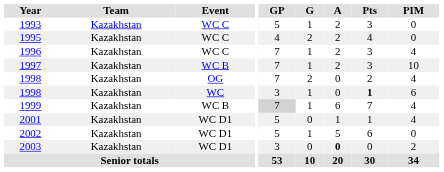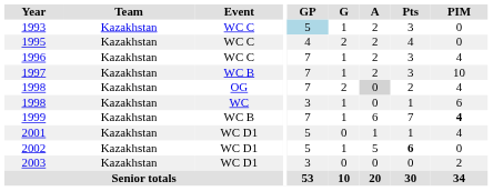 <table border="0" cellpadding="1" cellspacing="0" style="text-align:center; width:40em">
 <tr bgcolor="#e0e0e0">
 <th>Year</th>
 <th>Team</th>
 <th>Event</th>
 <th rowspan="99" bgcolor="#ffffff"></th>
 <th>GP</th>
 <th>G</th>
 <th>A</th>
 <th>Pts</th>
 <th>PIM</th>
 </tr>
 <tr>
 <td><a href='#'>1993</a></td>
 <td><a href='#'>Kazakhstan</a></td>
 <td><a href='#'>WC C</a></td>
-<td>5</td>
+<td style="background: lightblue;">5</td>
 <td>1</td>
 <td>2</td>
 <td>3</td>
 <td>0</td>
 </tr>
 <tr bgcolor="#f0f0f0">
 <td><a href='#'>1995</a></td>
 <td>Kazakhstan</td>
 <td>WC C</td>
 <td>4</td>
 <td>2</td>
 <td>2</td>
 <td>4</td>
 <td>0</td>
 </tr>
 <tr>
 <td><a href='#'>1996</a></td>
 <td>Kazakhstan</td>
 <td>WC C</td>
 <td>7</td>
 <td>1</td>
 <td>2</td>
 <td>3</td>
 <td>4</td>
 </tr>
 <tr bgcolor="#f0f0f0">
 <td><a href='#'>1997</a></td>
 <td>Kazakhstan</td>
 <td><a href='#'>WC B</a></td>
 <td>7</td>
 <td>1</td>
 <td>2</td>
 <td>3</td>
 <td>10</td>
 </tr>
 <tr>
 <td><a href='#'>1998</a></td>
 <td>Kazakhstan</td>
 <td><a href='#'>OG</a></td>
 <td>7</td>
 <td>2</td>
-<td>0</td>
+<td style="background: lightgrey;">0</td>
 <td>2</td>
 <td>4</td>
 </tr>
 <tr bgcolor="#f0f0f0">
 <td><a href='#'>1998</a></td>
 <td>Kazakhstan</td>
 <td><a href='#'>WC</a></td>
 <td>3</td>
 <td>1</td>
 <td>0</td>
-<td><strong>1</strong></td>
+<td>1</td>
 <td>6</td>
 </tr>
 <tr>
 <td><a href='#'>1999</a></td>
 <td>Kazakhstan</td>
 <td>WC B</td>
-<td style="background: lightgrey;">7</td>
+<td>7</td>
 <td>1</td>
 <td>6</td>
 <td>7</td>
-<td>4</td>
+<td><strong>4</strong></td>
 </tr>
 <tr bgcolor="#f0f0f0">
 <td><a href='#'>2001</a></td>
 <td>Kazakhstan</td>
 <td>WC D1</td>
 <td>5</td>
 <td>0</td>
 <td>1</td>
 <td>1</td>
 <td>4</td>
 </tr>
 <tr>
 <td><a href='#'>2002</a></td>
 <td>Kazakhstan</td>
 <td>WC D1</td>
 <td>5</td>
 <td>1</td>
 <td>5</td>
-<td>6</td>
+<td><strong>6</strong></td>
 <td>0</td>
 </tr>
 <tr bgcolor="#f0f0f0">
 <td><a href='#'>2003</a></td>
 <td>Kazakhstan</td>
 <td>WC D1</td>
 <td>3</td>
 <td>0</td>
-<td><strong>0</strong></td>
+<td>0</td>
 <td>0</td>
 <td>2</td>
 </tr>
 <tr bgcolor="#e0e0e0">
 <th colspan="3">Senior totals</th>
 <th>53</th>
 <th>10</th>
 <th>20</th>
 <th>30</th>
 <th>34</th>
 </tr>
 </table>
